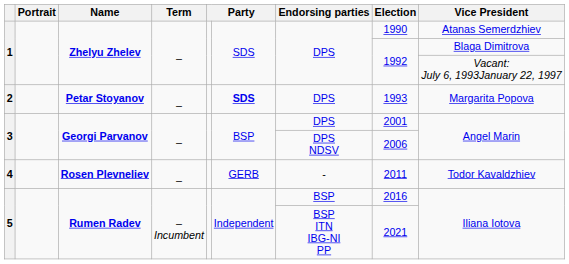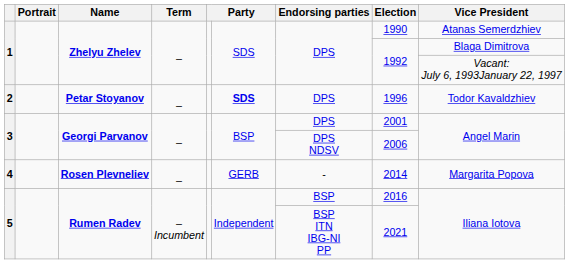 <table class="wikitable sortable" style=text-align:center;>
 <tr>
 <th scope=col></th>
 <th scope=col class=unsortable>Portrait</th>
 <th scope=col>Name<br></th>
 <th scope=col class=unsortable>Term</th>
 <th scope=col colspan=2>Party</th>
 <th scope=col class=unsortable>Endorsing parties</th>
 <th scope=col class=unsortable>Election</th>
 <th scope=col class=unsortable>Vice President</th>
 </tr>
 <tr>
 <th scope=row rowspan="3"><strong>1</strong></th>
 <td rowspan="3"></td>
 <td rowspan="3" data-sort-value="Zhelyu, Zhelev"><strong><a href='#'>Zhelyu Zhelev</a></strong><br></td>
 <td rowspan="3"><br>–<br></td>
 <td rowspan="3" style="background-color:"></td>
 <td rowspan="3"><a href='#'>SDS</a></td>
 <td rowspan="3"><a href='#'>DPS</a></td>
 <td class=nowrap><a href='#'>1990</a></td>
 <td><a href='#'>Atanas Semerdzhiev</a></td>
 </tr>
 <tr>
 <td rowspan="2"><a href='#'>1992</a></td>
 <td><a href='#'>Blaga Dimitrova</a></td>
 </tr>
 <tr>
 <td><em>Vacant:<br>July 6, 1993January 22, 1997</em></td>
 </tr>
 <tr>
 <th scope=row><strong>2</strong></th>
 <td></td>
 <td data-sort-value="Petar, Stoyanov"><strong><a href='#'>Petar Stoyanov</a></strong><br></td>
 <td><br>–<br></td>
 <td style="background-color:"></td>
 <td><strong><a href='#'>SDS</a></strong></td>
 <td><a href='#'>DPS</a></td>
-<td><a href='#'>1993</a></td>
-<td><a href='#'>Margarita Popova</a></td>
+<td><a href='#'>1996</a></td>
+<td><a href='#'>Todor Kavaldzhiev</a></td>
 </tr>
 <tr>
 <th scope=row rowspan="2"><strong>3</strong></th>
 <td rowspan="2"></td>
 <td data-sort-value="Georgi, Parvanov" rowspan="2"><strong><a href='#'>Georgi Parvanov</a></strong><br></td>
 <td rowspan="2"><br>–<br></td>
 <td rowspan="2" style="background-color:"></td>
 <td rowspan="2"><a href='#'>BSP</a></td>
 <td><a href='#'>DPS</a></td>
 <td><a href='#'>2001</a></td>
 <td rowspan="2"><a href='#'>Angel Marin</a></td>
 </tr>
 <tr>
 <td><a href='#'>DPS</a><br><a href='#'>NDSV</a></td>
 <td><a href='#'>2006</a></td>
 </tr>
 <tr>
 <th scope=row><strong>4</strong></th>
 <td></td>
 <td data-sort-value="Rosen, Plevneliev"><strong><a href='#'>Rosen Plevneliev</a></strong><br></td>
 <td><br>–<br></td>
 <td style="background-color:"></td>
 <td><a href='#'>GERB</a></td>
 <td>-</td>
-<td><a href='#'>2011</a></td>
-<td><a href='#'>Todor Kavaldzhiev</a></td>
+<td><a href='#'>2014</a></td>
+<td><a href='#'>Margarita Popova</a></td>
 </tr>
 <tr>
 <th scope=row rowspan="2"><strong>5</strong></th>
 <td rowspan="2"></td>
 <td data-sort-value="Rumen, Radev" rowspan="2"><strong><a href='#'>Rumen Radev</a></strong><br></td>
 <td rowspan="2"><br>–<br><em>Incumbent</em></td>
 <td rowspan="2" style="background-color:"></td>
 <td rowspan="2"><a href='#'>Independent</a></td>
 <td><a href='#'>BSP</a></td>
 <td><a href='#'>2016</a></td>
 <td rowspan="2"><a href='#'>Iliana Iotova</a></td>
 </tr>
 <tr>
 <td><a href='#'>BSP</a><br><a href='#'>ITN</a><br><a href='#'>IBG-NI</a><br><a href='#'>PP</a></td>
 <td><a href='#'>2021</a></td>
 </tr>
 </table>
